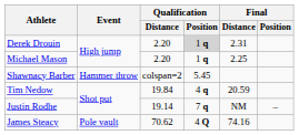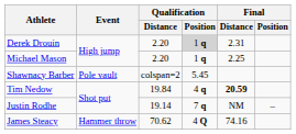 <table class=wikitable style="font-size:90%">
 <tr>
 <th rowspan="2">Athlete</th>
 <th rowspan="2">Event</th>
 <th colspan="2">Qualification</th>
 <th colspan="2">Final</th>
 </tr>
 <tr style="font-size:95%">
 <th>Distance</th>
 <th>Position</th>
 <th>Distance</th>
 <th>Position</th>
 </tr>
 <tr align=center>
 <td align=left><a href='#'>Derek Drouin</a></td>
 <td align=left rowspan=2><a href='#'>High jump</a></td>
 <td>2.20</td>
 <td style="background: lightgrey;">1 <strong>q</strong></td>
 <td>2.31</td>
 <td></td>
 </tr>
 <tr align=center>
 <td align=left><a href='#'>Michael Mason</a></td>
 <td>2.20</td>
 <td>1 <strong>q</strong></td>
 <td>2.25</td>
 <td></td>
 </tr>
 <tr align=center>
 <td align=left><a href='#'>Shawnacy Barber</a></td>
-<td align=left><a href='#'>Hammer throw</a></td>
+<td align=left><a href='#'>Pole vault</a></td>
 <td>colspan=2 </td>
 <td>5.45</td>
 <td></td>
 </tr>
 <tr align=center>
 <td align=left><a href='#'>Tim Nedow</a></td>
 <td align=left rowspan=2><a href='#'>Shot put</a></td>
 <td>19.84</td>
 <td>4 <strong>q</strong></td>
-<td>20.59</td>
+<td><strong>20.59</strong></td>
 <td></td>
 </tr>
 <tr align=center>
 <td align=left><a href='#'>Justin Rodhe</a></td>
 <td>19.14</td>
 <td>7 <strong>q</strong></td>
 <td>NM</td>
 <td>–</td>
 </tr>
 <tr align=center>
 <td align=left><a href='#'>James Steacy</a></td>
-<td align=left><a href='#'>Pole vault</a></td>
+<td align=left><a href='#'>Hammer throw</a></td>
 <td>70.62</td>
 <td>4 <strong>Q</strong></td>
 <td>74.16</td>
 <td></td>
 </tr>
 </table>
